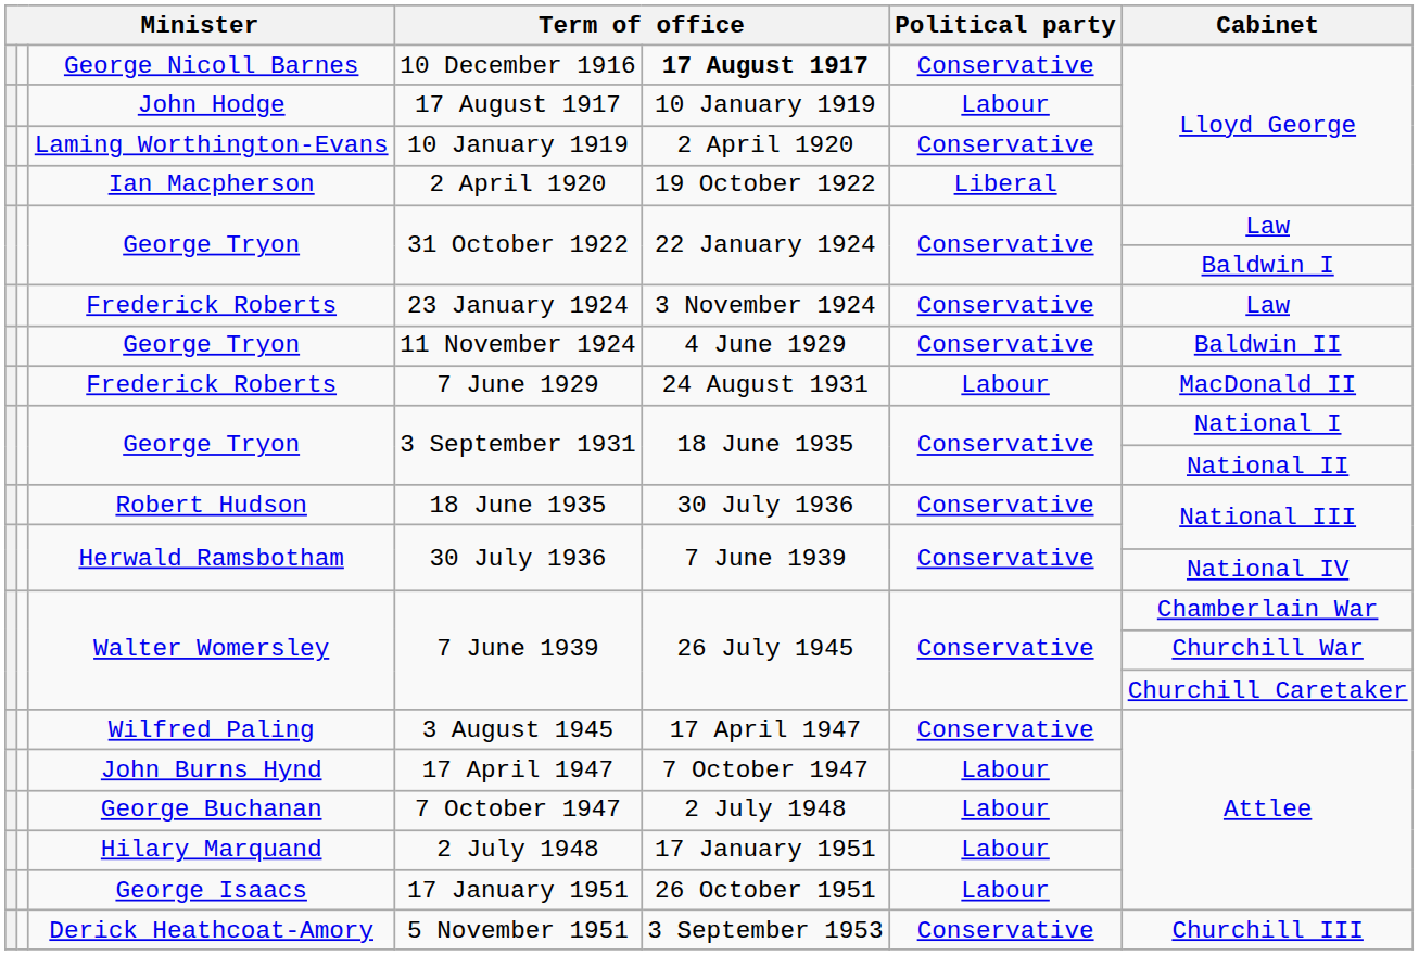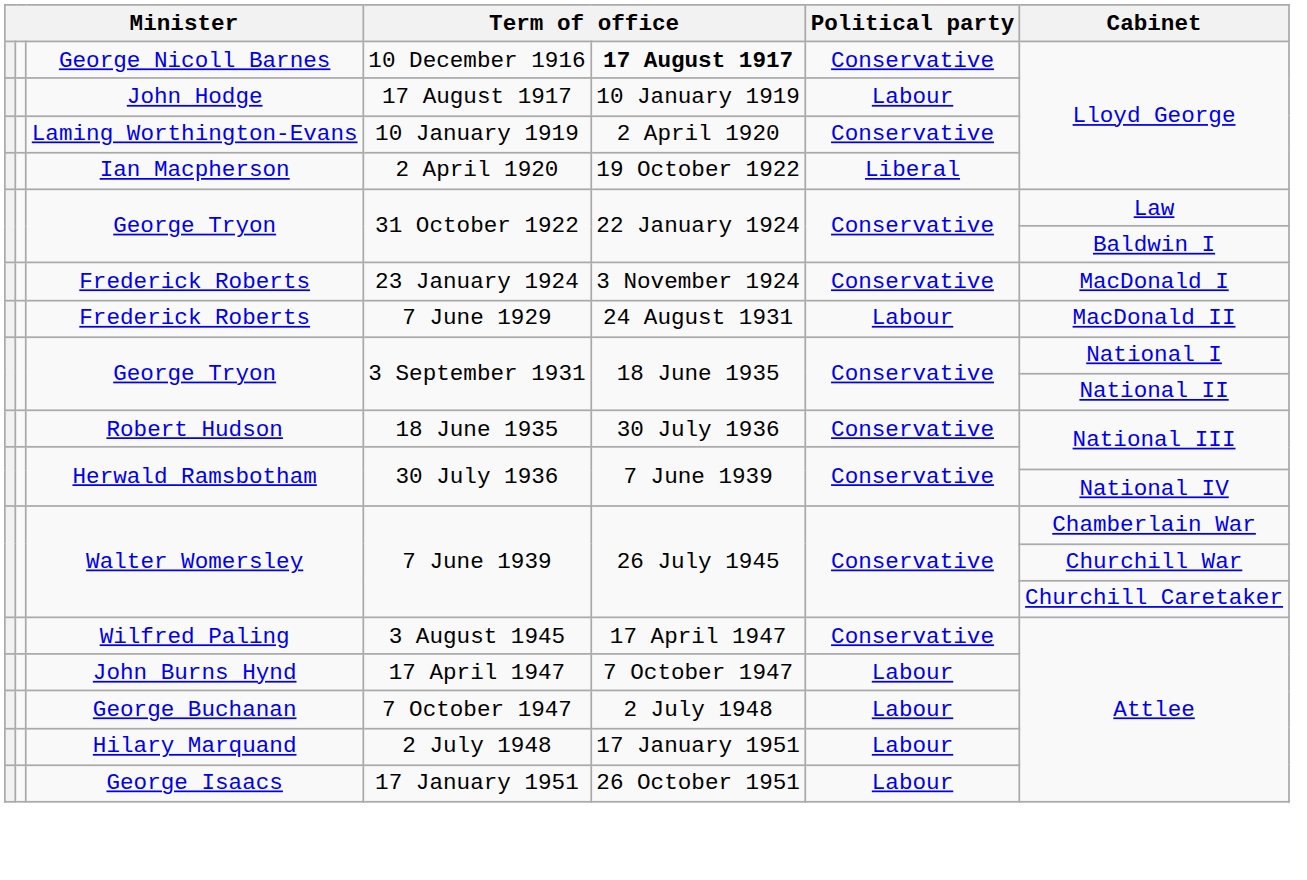 <table class="wikitable" style="text-align:center">
 <tr style="height:1em">
 <th colspan=3>Minister</th>
 <th colspan=2>Term of office</th>
 <th>Political party</th>
 <th>Cabinet</th>
 </tr>
 <tr style="height:1em">
 <th style="background-color:"></th>
 <td></td>
 <td><a href='#'>George Nicoll Barnes</a></td>
 <td>10 December 1916</td>
 <td><strong>17 August 1917</strong></td>
 <td><a href='#'>Conservative</a></td>
 <td rowspan="4" ><a href='#'>Lloyd George</a></td>
 </tr>
 <tr style="height:1em">
 <th style="background-color:"></th>
 <td></td>
 <td><a href='#'>John Hodge</a></td>
 <td>17 August 1917</td>
 <td>10 January 1919</td>
 <td><a href='#'>Labour</a></td>
 </tr>
 <tr style="height:1em">
 <th style="background-color:"></th>
 <td></td>
 <td><a href='#'>Laming Worthington-Evans</a></td>
 <td>10 January 1919</td>
 <td>2 April 1920</td>
 <td><a href='#'>Conservative</a></td>
 </tr>
 <tr style="height:1em">
 <th style="background-color:"></th>
 <td></td>
 <td><a href='#'>Ian Macpherson</a></td>
 <td>2 April 1920</td>
 <td>19 October 1922</td>
 <td><a href='#'>Liberal</a></td>
 </tr>
 <tr style="height:1em">
 <th rowspan=2 style="background-color:"></th>
 <td rowspan=2></td>
 <td rowspan=2><a href='#'>George Tryon</a></td>
 <td rowspan=2>31 October 1922</td>
 <td rowspan=2>22 January 1924</td>
 <td rowspan=2  ><a href='#'>Conservative</a></td>
 <td><a href='#'>Law</a></td>
 </tr>
 <tr>
 <td><a href='#'>Baldwin I</a></td>
 </tr>
 <tr style="height:1em">
 <th style="background-color:"></th>
 <td></td>
 <td><a href='#'>Frederick Roberts</a></td>
 <td>23 January 1924</td>
 <td>3 November 1924</td>
 <td><a href='#'>Conservative</a></td>
-<td><a href='#'>Law</a></td>
-</tr>
-<tr style="height:1em">
-<th style="background-color:"></th>
-<td></td>
-<td><a href='#'>George Tryon</a></td>
-<td>11 November 1924</td>
-<td>4 June 1929</td>
-<td><a href='#'>Conservative</a></td>
-<td><a href='#'>Baldwin II</a></td>
+<td><a href='#'>MacDonald I</a></td>
 </tr>
 <tr style="height:1em">
 <th style="background-color:"></th>
 <td></td>
 <td><a href='#'>Frederick Roberts</a></td>
 <td>7 June 1929</td>
 <td>24 August 1931</td>
 <td><a href='#'>Labour</a></td>
 <td><a href='#'>MacDonald II</a></td>
 </tr>
 <tr style="height:1em">
 <th rowspan="2" style="background-color:"></th>
 <td rowspan="2"></td>
 <td rowspan="2"><a href='#'>George Tryon</a></td>
 <td rowspan="2">3 September 1931</td>
 <td rowspan="2">18 June 1935</td>
 <td rowspan="2"  ><a href='#'>Conservative</a></td>
 <td><a href='#'>National I</a></td>
 </tr>
 <tr>
 <td><a href='#'>National II</a></td>
 </tr>
 <tr style="height:1em">
 <th style="background-color:"></th>
 <td></td>
 <td><a href='#'>Robert Hudson</a></td>
 <td>18 June 1935</td>
 <td>30 July 1936</td>
 <td><a href='#'>Conservative</a></td>
 <td rowspan="2" ><a href='#'>National III</a></td>
 </tr>
 <tr style="height:1em">
 <th rowspan="2" style="background-color:"></th>
 <td rowspan="2"></td>
 <td rowspan="2"><a href='#'>Herwald Ramsbotham</a></td>
 <td rowspan="2">30 July 1936</td>
 <td rowspan="2">7 June 1939</td>
 <td rowspan="2"  ><a href='#'>Conservative</a></td>
 </tr>
 <tr style="height:1em">
 <td><a href='#'>National IV</a></td>
 </tr>
 <tr style="height:1em">
 <th rowspan="3" style="background-color:"></th>
 <td rowspan="3"></td>
 <td rowspan="3"><a href='#'>Walter Womersley</a></td>
 <td rowspan="3">7 June 1939</td>
 <td rowspan="3">26 July 1945</td>
 <td rowspan="3"  ><a href='#'>Conservative</a></td>
 <td><a href='#'>Chamberlain War</a></td>
 </tr>
 <tr style="height:1em">
 <td><a href='#'>Churchill War</a></td>
 </tr>
 <tr>
 <td><a href='#'>Churchill Caretaker</a></td>
 </tr>
 <tr style="height:1em">
 <th style="background-color:"></th>
 <td></td>
 <td><a href='#'>Wilfred Paling</a></td>
 <td>3 August 1945</td>
 <td>17 April 1947</td>
 <td><a href='#'>Conservative</a></td>
 <td rowspan="5" ><a href='#'>Attlee</a></td>
 </tr>
 <tr style="height:1em">
 <th style="background-color:"></th>
 <td></td>
 <td><a href='#'>John Burns Hynd</a></td>
 <td>17 April 1947</td>
 <td>7 October 1947</td>
 <td><a href='#'>Labour</a></td>
 </tr>
 <tr style="height:1em">
 <th style="background-color:"></th>
 <td></td>
 <td><a href='#'>George Buchanan</a></td>
 <td>7 October 1947</td>
 <td>2 July 1948</td>
 <td><a href='#'>Labour</a></td>
 </tr>
 <tr style="height:1em">
 <th style="background-color:"></th>
 <td></td>
 <td><a href='#'>Hilary Marquand</a></td>
 <td>2 July 1948</td>
 <td>17 January 1951</td>
 <td><a href='#'>Labour</a></td>
 </tr>
 <tr style="height:1em">
 <th style="background-color:"></th>
 <td></td>
 <td><a href='#'>George Isaacs</a></td>
 <td>17 January 1951</td>
 <td>26 October 1951</td>
 <td><a href='#'>Labour</a></td>
 </tr>
-<tr style="height:1em">
-<th style="background-color:"></th>
-<td></td>
-<td><a href='#'>Derick Heathcoat-Amory</a></td>
-<td>5 November 1951</td>
-<td>3 September 1953</td>
-<td><a href='#'>Conservative</a></td>
-<td><a href='#'>Churchill III</a></td>
-</tr>
 </table>
